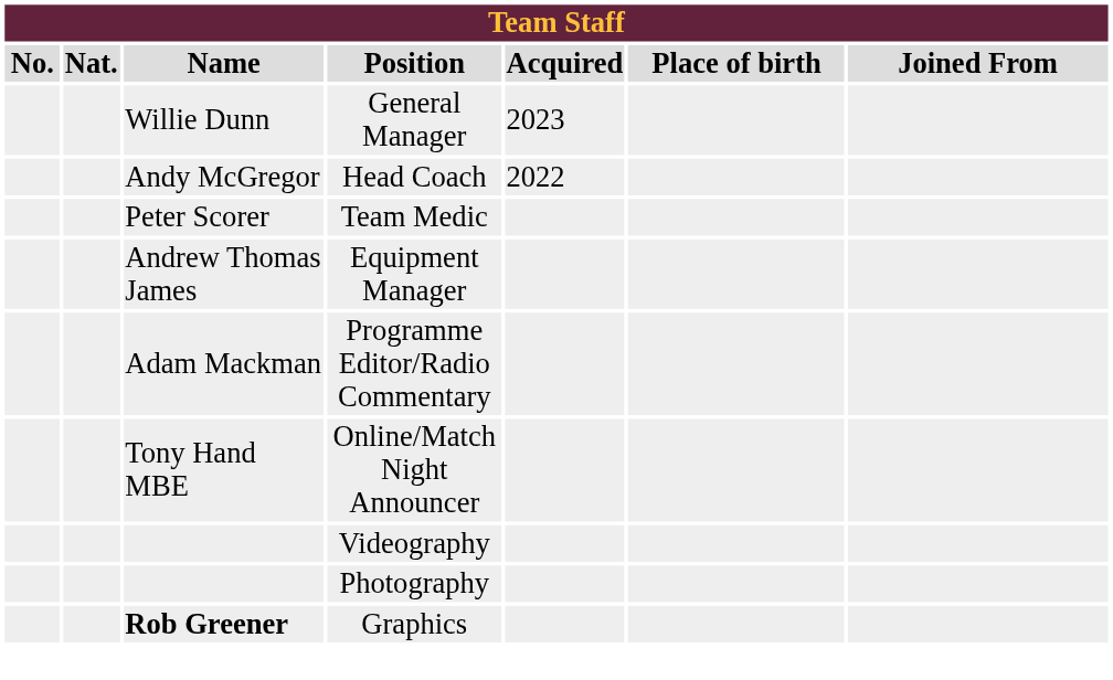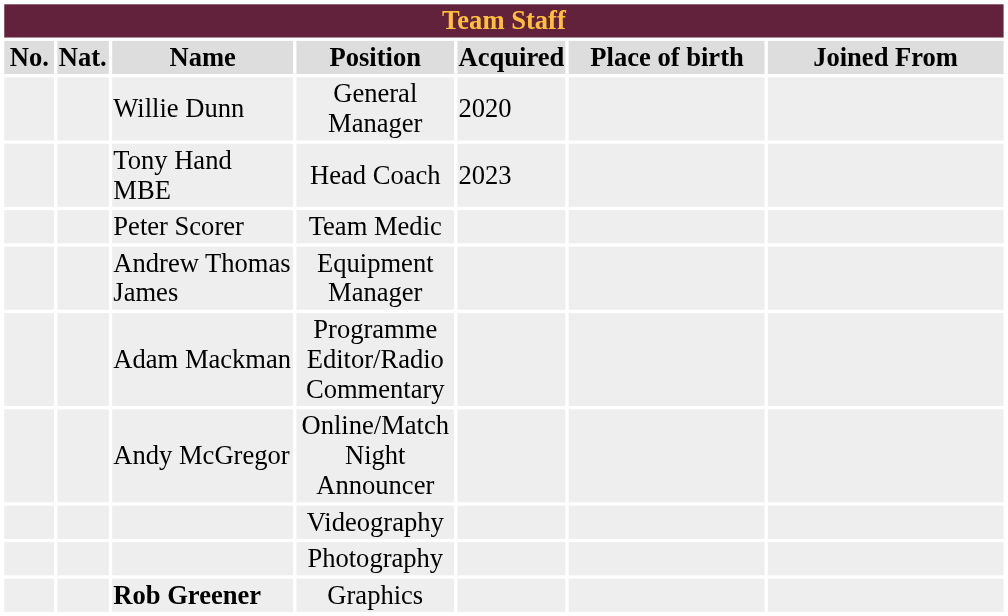 <table class="toccolours" style="width:97%; clear:both; margin:1.5em auto; text-align:center;">
 <tr>
 <th colspan="10" style="background:#62223b; color:#ffbf3a;”">Team Staff</th>
 </tr>
 <tr style="background:#ddd;">
 <th width="5%">No.</th>
 <th width="5%">Nat.</th>
 <th>Name</th>
 <th width="16%">Position</th>
 <th width="7%">Acquired</th>
 <th width="20%">Place of birth</th>
 <th width="24%">Joined From</th>
 </tr>
 <tr style="background:#eee;">
 <td></td>
 <td></td>
 <td align="left">Willie Dunn</td>
 <td>General Manager</td>
-<td align="left">2023</td>
+<td align="left">2020</td>
 <td align="left"></td>
 <td align="left"></td>
 </tr>
 <tr style="background:#eee;">
 <td></td>
 <td></td>
-<td align="left">Andy McGregor</td>
+<td align="left">Tony Hand MBE</td>
 <td>Head Coach</td>
-<td align="left">2022</td>
+<td align="left">2023</td>
 <td align="left"></td>
 <td align="left"></td>
 </tr>
 <tr style="background:#eee;">
 <td></td>
 <td></td>
 <td align="left">Peter Scorer</td>
 <td>Team Medic</td>
 <td align="left"></td>
 <td align="left"></td>
 <td align="left"></td>
 </tr>
 <tr style="background:#eee;">
 <td></td>
 <td></td>
 <td align="left">Andrew Thomas James</td>
 <td>Equipment Manager</td>
 <td align="left"></td>
 <td align="left"></td>
 <td align="left"></td>
 </tr>
 <tr style="background:#eee;">
 <td></td>
 <td></td>
 <td align="left">Adam Mackman</td>
 <td>Programme Editor/Radio Commentary</td>
 <td align="left"></td>
 <td align="left"></td>
 <td align="left"></td>
 </tr>
 <tr style="background:#eee;">
 <td></td>
 <td></td>
-<td align="left">Tony Hand MBE</td>
+<td align="left">Andy McGregor</td>
 <td>Online/Match Night Announcer</td>
 <td align="left"></td>
 <td align="left"></td>
 <td align="left"></td>
 </tr>
 <tr style="background:#eee;">
 <td></td>
 <td></td>
 <td align="left"></td>
 <td>Videography</td>
 <td align="left"></td>
 <td align="left"></td>
 <td align="left"></td>
 </tr>
 <tr style="background:#eee;">
 <td></td>
 <td></td>
 <td align="left"></td>
 <td>Photography</td>
 <td align="left"></td>
 <td align="left"></td>
 <td align="left"></td>
 </tr>
 <tr style="background:#eee;">
 <td></td>
 <td></td>
 <td align="left"><strong>Rob Greener</strong></td>
 <td>Graphics</td>
 <td align="left"></td>
 <td align="left"></td>
 <td align="left"></td>
 </tr>
 </table>
